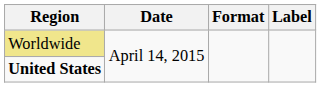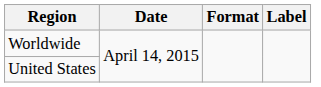 <table class=wikitable>
 <tr>
 <th>Region</th>
 <th>Date</th>
 <th>Format</th>
 <th>Label</th>
 </tr>
 <tr>
-<td style="background: khaki;">Worldwide</td>
+<td>Worldwide</td>
 <td rowspan="3">April 14, 2015</td>
 <td rowspan="3"></td>
 <td rowspan="3"></td>
 </tr>
 <tr>
-<td><strong>United States</strong></td>
+<td>United States</td>
 </tr>
 </table>
